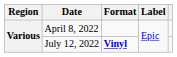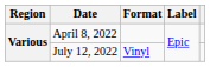 <table class="wikitable plainrowheaders">
 <tr>
 <th scope="col">Region</th>
 <th scope="col">Date</th>
 <th scope="col">Format</th>
 <th scope="col">Label</th>
 <th scope="col"></th>
 </tr>
 <tr>
 <th scope="row" rowspan="2">Various</th>
 <td>April 8, 2022</td>
 <td></td>
 <td rowspan="2"><a href='#'>Epic</a></td>
 <td align="center"></td>
 </tr>
 <tr>
 <td>July 12, 2022</td>
-<td><strong><a href='#'>Vinyl</a></strong></td>
+<td><a href='#'>Vinyl</a></td>
 <td align="center"></td>
 </tr>
 </table>
